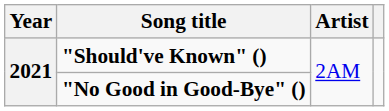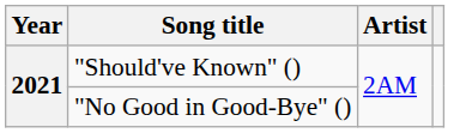 <table class="wikitable plainrowheaders">
 <tr>
 <th scope="col">Year</th>
 <th scope="col">Song title</th>
 <th scope="col">Artist</th>
 <th scope="col" class="unsortable"></th>
 </tr>
 <tr>
 <th scope="row" rowspan="2">2021</th>
-<td><strong>"Should've Known" ()</strong></td>
+<td>"Should've Known" ()</td>
 <td rowspan="2"><a href='#'>2AM</a></td>
 <td rowspan="2" style="text-align:center"></td>
 </tr>
 <tr>
-<td><strong>"No Good in Good-Bye" ()</strong></td>
+<td>"No Good in Good-Bye" ()</td>
 </tr>
 </table>
